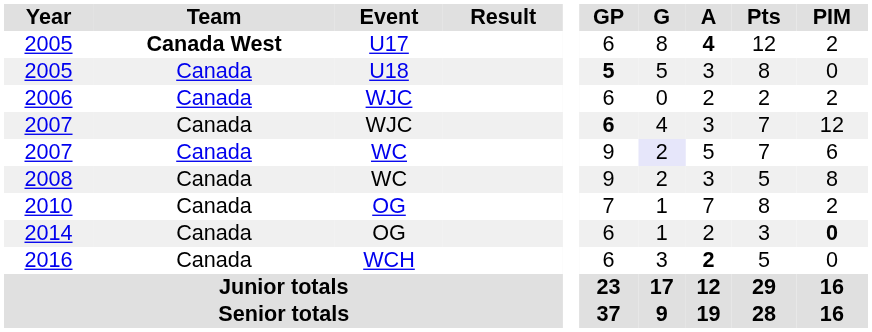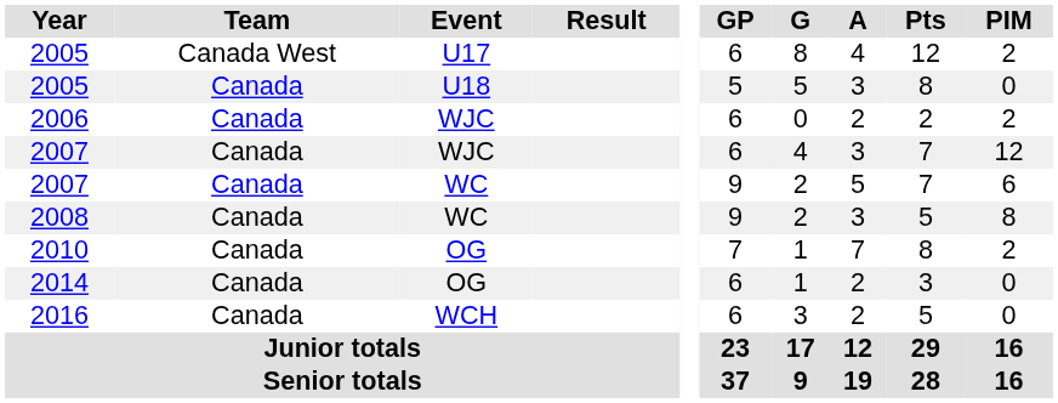 <table border="0" cellpadding="1" cellspacing="0" style="text-align:center; width:40em;">
 <tr bgcolor="#e0e0e0">
 <th>Year</th>
 <th>Team</th>
 <th>Event</th>
 <th>Result</th>
 <th rowspan="99" bgcolor="#ffffff"> </th>
 <th>GP</th>
 <th>G</th>
 <th>A</th>
 <th>Pts</th>
 <th>PIM</th>
 </tr>
 <tr>
 <td><a href='#'>2005</a></td>
-<td><strong>Canada West</strong></td>
+<td>Canada West</td>
 <td><a href='#'>U17</a></td>
 <td></td>
 <td>6</td>
 <td>8</td>
-<td><strong>4</strong></td>
+<td>4</td>
 <td>12</td>
 <td>2</td>
 </tr>
 <tr bgcolor="#f0f0f0">
 <td><a href='#'>2005</a></td>
 <td><a href='#'>Canada</a></td>
 <td><a href='#'>U18</a></td>
 <td></td>
-<td><strong>5</strong></td>
+<td>5</td>
 <td>5</td>
 <td>3</td>
 <td>8</td>
 <td>0</td>
 </tr>
 <tr>
 <td><a href='#'>2006</a></td>
 <td><a href='#'>Canada</a></td>
 <td><a href='#'>WJC</a></td>
 <td></td>
 <td>6</td>
 <td>0</td>
 <td>2</td>
 <td>2</td>
 <td>2</td>
 </tr>
 <tr bgcolor="#f0f0f0">
 <td><a href='#'>2007</a></td>
 <td>Canada</td>
 <td>WJC</td>
 <td></td>
-<td><strong>6</strong></td>
+<td>6</td>
 <td>4</td>
 <td>3</td>
 <td>7</td>
 <td>12</td>
 </tr>
 <tr>
 <td><a href='#'>2007</a></td>
 <td><a href='#'>Canada</a></td>
 <td><a href='#'>WC</a></td>
 <td></td>
 <td>9</td>
-<td style="background: lavender;">2</td>
+<td>2</td>
 <td>5</td>
 <td>7</td>
 <td>6</td>
 </tr>
 <tr bgcolor="#f0f0f0">
 <td><a href='#'>2008</a></td>
 <td>Canada</td>
 <td>WC</td>
 <td></td>
 <td>9</td>
 <td>2</td>
 <td>3</td>
 <td>5</td>
 <td>8</td>
 </tr>
 <tr>
 <td><a href='#'>2010</a></td>
 <td>Canada</td>
 <td><a href='#'>OG</a></td>
 <td></td>
 <td>7</td>
 <td>1</td>
 <td>7</td>
 <td>8</td>
 <td>2</td>
 </tr>
 <tr bgcolor="#f0f0f0">
 <td><a href='#'>2014</a></td>
 <td>Canada</td>
 <td>OG</td>
 <td></td>
 <td>6</td>
 <td>1</td>
 <td>2</td>
 <td>3</td>
-<td><strong>0</strong></td>
+<td>0</td>
 </tr>
 <tr>
 <td><a href='#'>2016</a></td>
 <td>Canada</td>
 <td><a href='#'>WCH</a></td>
 <td></td>
 <td>6</td>
 <td>3</td>
-<td><strong>2</strong></td>
+<td>2</td>
 <td>5</td>
 <td>0</td>
 </tr>
 <tr bgcolor="#e0e0e0">
 <th colspan="4">Junior totals</th>
 <th>23</th>
 <th>17</th>
 <th>12</th>
 <th>29</th>
 <th>16</th>
 </tr>
 <tr bgcolor="#e0e0e0">
 <th colspan="4">Senior totals</th>
 <th>37</th>
 <th>9</th>
 <th>19</th>
 <th>28</th>
 <th>16</th>
 </tr>
 </table>
